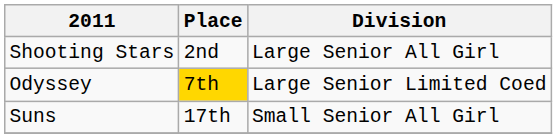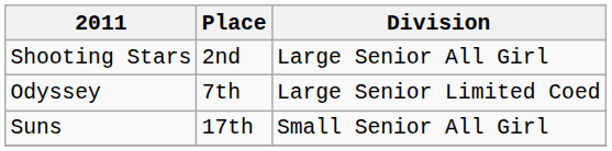 <table class="wikitable">
 <tr>
 <th>2011</th>
 <th>Place</th>
 <th>Division</th>
 </tr>
 <tr>
 <td>Shooting Stars</td>
 <td>2nd</td>
 <td>Large Senior All Girl</td>
 </tr>
 <tr>
 <td>Odyssey</td>
-<td style="background: gold;">7th</td>
+<td>7th</td>
 <td>Large Senior Limited Coed</td>
 </tr>
 <tr>
 <td>Suns</td>
 <td>17th</td>
 <td>Small Senior All Girl</td>
 </tr>
 <tr>
 </tr>
 </table>
